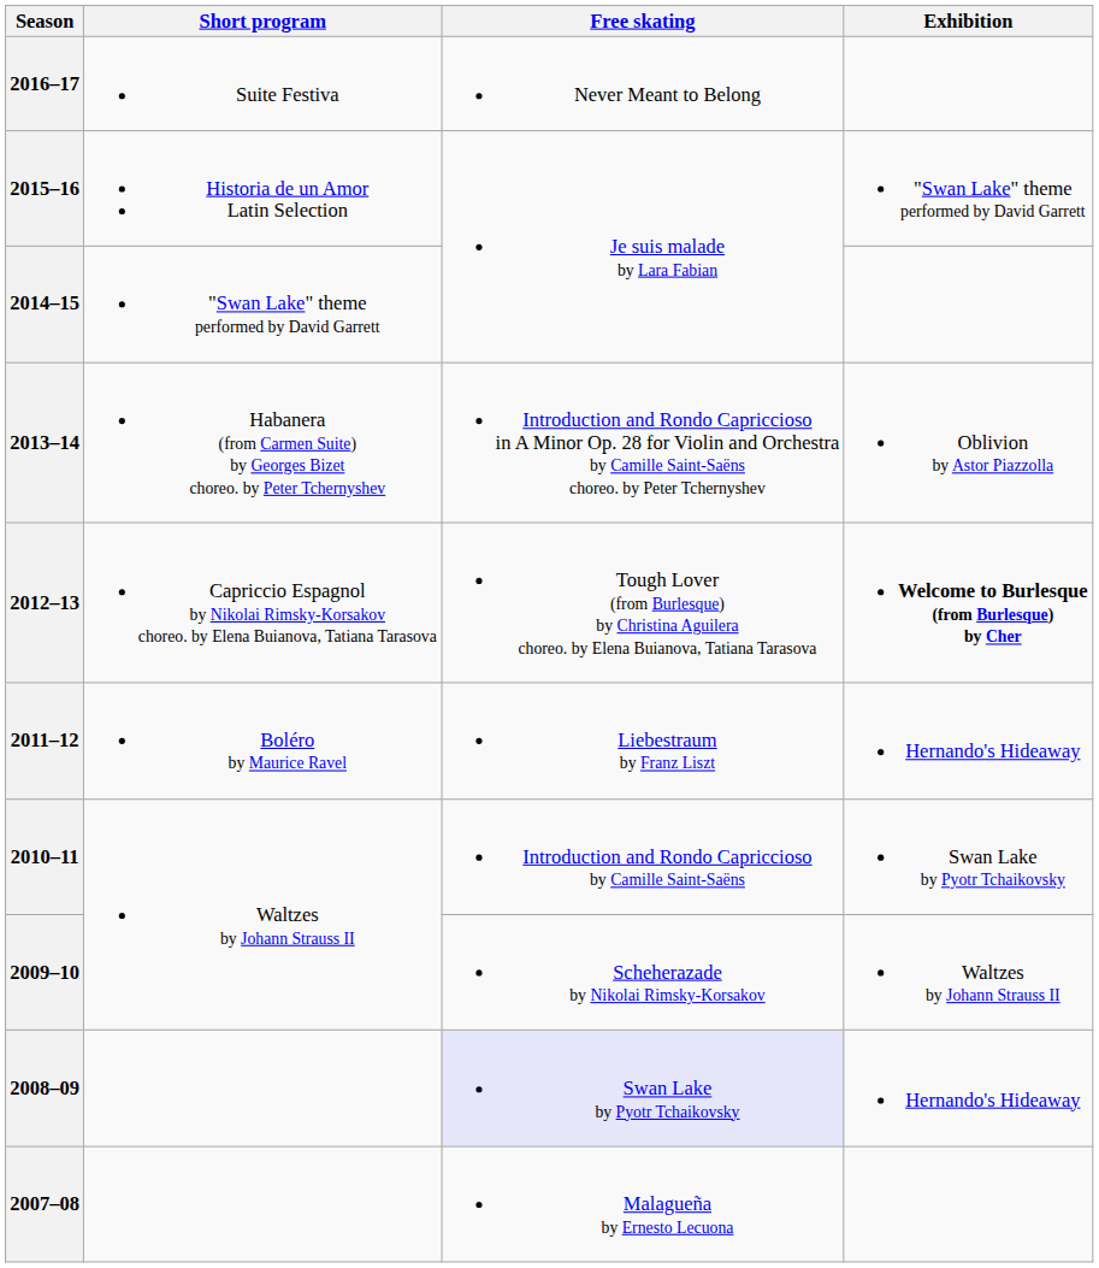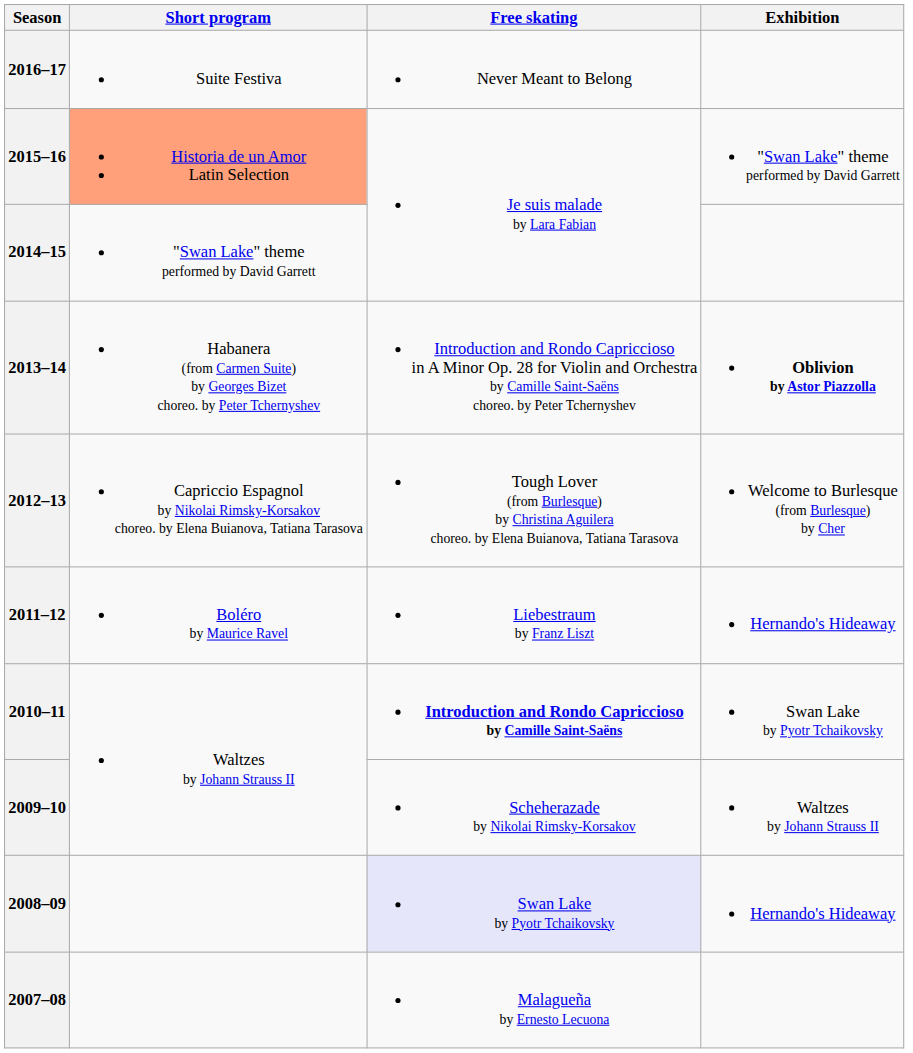 <table class="wikitable" style="text-align:center">
 <tr>
 <th>Season</th>
 <th><a href='#'>Short program</a></th>
 <th><a href='#'>Free skating</a></th>
 <th>Exhibition</th>
 </tr>
 <tr>
 <th>2016–17</th>
 <td><br><ul><li>Suite Festiva <br> </li></ul></td>
 <td><br><ul><li>Never Meant to Belong <br> </li></ul></td>
 <td></td>
 </tr>
 <tr>
 <th>2015–16</th>
-<td><br><ul><li><a href='#'>Historia de un Amor</a></li><li>Latin Selection <br></li></ul></td>
+<td style="background: lightsalmon;"><br><ul><li><a href='#'>Historia de un Amor</a></li><li>Latin Selection <br></li></ul></td>
 <td rowspan=2><br><ul><li><a href='#'>Je suis malade</a> <br> <small> by <a href='#'>Lara Fabian</a></small><br></li></ul></td>
 <td><br><ul><li>"<a href='#'>Swan Lake</a>" theme <br> <small> performed by David Garrett</small></li></ul></td>
 </tr>
 <tr>
 <th>2014–15  <br> </th>
 <td><br><ul><li>"<a href='#'>Swan Lake</a>" theme <br> <small> performed by David Garrett</small></li></ul></td>
 <td></td>
 </tr>
 <tr>
 <th>2013–14 <br> </th>
 <td><br><ul><li>Habanera <br> <small> (from <a href='#'>Carmen Suite</a>) <br> by <a href='#'>Georges Bizet</a> <br> choreo. by <a href='#'>Peter Tchernyshev</a> </small></li></ul></td>
 <td><br><ul><li><a href='#'>Introduction and Rondo Capriccioso</a> <br> in A Minor Op. 28 for Violin and Orchestra <br> <small> by <a href='#'>Camille Saint-Saëns</a> <br> choreo. by Peter Tchernyshev </small></li></ul></td>
-<td><br><ul><li>Oblivion <br> <small> by <a href='#'>Astor Piazzolla</a></small></li></ul></td>
+<td><strong><br><ul><li>Oblivion <br> <small> by <a href='#'>Astor Piazzolla</a></small></li></ul></strong></td>
 </tr>
 <tr>
 <th>2012–13 <br> </th>
 <td><br><ul><li>Capriccio Espagnol <br> <small> by <a href='#'>Nikolai Rimsky-Korsakov</a> <br> choreo. by Elena Buianova, Tatiana Tarasova </small></li></ul></td>
 <td><br><ul><li>Tough Lover <br> <small> (from <a href='#'>Burlesque</a>) <br> by <a href='#'>Christina Aguilera</a> <br> choreo. by Elena Buianova, Tatiana Tarasova </small></li></ul></td>
-<td><strong><br><ul><li>Welcome to Burlesque <br> <small> (from <a href='#'>Burlesque</a>) <br> by <a href='#'>Cher</a> </small></li></ul></strong></td>
+<td><br><ul><li>Welcome to Burlesque <br> <small> (from <a href='#'>Burlesque</a>) <br> by <a href='#'>Cher</a> </small></li></ul></td>
 </tr>
 <tr>
 <th>2011–12 <br> </th>
 <td><br><ul><li><a href='#'>Boléro</a> <br> <small> by <a href='#'>Maurice Ravel</a> </small></li></ul></td>
 <td><br><ul><li><a href='#'>Liebestraum</a> <br> <small> by <a href='#'>Franz Liszt</a> </small></li></ul></td>
 <td><br><ul><li><a href='#'>Hernando's Hideaway</a></li></ul></td>
 </tr>
 <tr>
 <th>2010–11 <br> </th>
 <td rowspan=2><br><ul><li>Waltzes <br> <small> by <a href='#'>Johann Strauss II</a> </small></li></ul></td>
-<td><br><ul><li><a href='#'>Introduction and Rondo Capriccioso</a> <br> <small> by <a href='#'>Camille Saint-Saëns</a> </small></li></ul></td>
+<td><strong><br><ul><li><a href='#'>Introduction and Rondo Capriccioso</a> <br> <small> by <a href='#'>Camille Saint-Saëns</a> </small></li></ul></strong></td>
 <td><br><ul><li>Swan Lake <br> <small> by <a href='#'>Pyotr Tchaikovsky</a> </small></li></ul></td>
 </tr>
 <tr>
 <th>2009–10</th>
 <td><br><ul><li><a href='#'>Scheherazade</a> <br> <small> by <a href='#'>Nikolai Rimsky-Korsakov</a> </small></li></ul></td>
 <td><br><ul><li>Waltzes <br> <small> by <a href='#'>Johann Strauss II</a></small></li></ul></td>
 </tr>
 <tr>
 <th>2008–09</th>
 <td></td>
 <td style="background: lavender;"><br><ul><li><a href='#'>Swan Lake</a> <br> <small> by <a href='#'>Pyotr Tchaikovsky</a> </small></li></ul></td>
 <td><br><ul><li><a href='#'>Hernando's Hideaway</a></li></ul></td>
 </tr>
 <tr>
 <th>2007–08</th>
 <td></td>
 <td><br><ul><li><a href='#'>Malagueña</a> <br> <small> by <a href='#'>Ernesto Lecuona</a> </small></li></ul></td>
 <td></td>
 </tr>
 </table>
